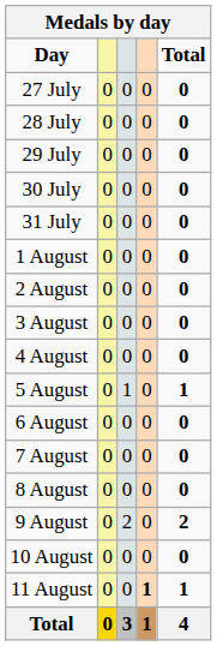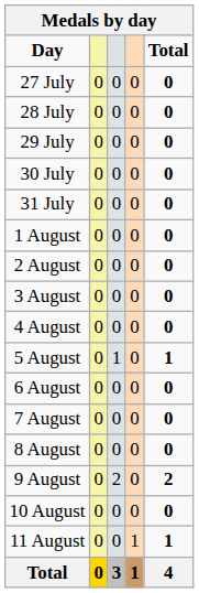 <table class="wikitable" style="font-size:85%">
 <tr style="background:#efefef;">
 <th colspan=7><strong>Medals by day</strong></th>
 </tr>
 <tr align=center>
 <td><strong>Day</strong></td>
 <td bgcolor=#f7f6a8></td>
 <td bgcolor=#dce5e5></td>
 <td bgcolor=#ffdab9></td>
 <td><strong>Total</strong></td>
 </tr>
 <tr align=center>
 <td>27 July</td>
 <td style="background:#F7F6A8;">0</td>
 <td style="background:#DCE5E5;">0</td>
 <td style="background:#FFDAB9;">0</td>
 <td><strong>0</strong></td>
 </tr>
 <tr align=center>
 <td>28 July</td>
 <td style="background:#F7F6A8;">0</td>
 <td style="background:#DCE5E5;">0</td>
 <td style="background:#FFDAB9;">0</td>
 <td><strong>0</strong></td>
 </tr>
 <tr align=center>
 <td>29 July</td>
 <td style="background:#F7F6A8;">0</td>
 <td style="background:#DCE5E5;">0</td>
 <td style="background:#FFDAB9;">0</td>
 <td><strong>0</strong></td>
 </tr>
 <tr align=center>
 <td>30 July</td>
 <td style="background:#F7F6A8;">0</td>
 <td style="background:#DCE5E5;">0</td>
 <td style="background:#FFDAB9;">0</td>
 <td><strong>0</strong></td>
 </tr>
 <tr align=center>
 <td>31 July</td>
 <td style="background:#F7F6A8;">0</td>
 <td style="background:#DCE5E5;">0</td>
 <td style="background:#FFDAB9;">0</td>
 <td><strong>0</strong></td>
 </tr>
 <tr align=center>
 <td>1 August</td>
 <td style="background:#F7F6A8;">0</td>
 <td style="background:#DCE5E5;">0</td>
 <td style="background:#FFDAB9;">0</td>
 <td><strong>0</strong></td>
 </tr>
 <tr align=center>
 <td>2 August</td>
 <td style="background:#F7F6A8;">0</td>
 <td style="background:#DCE5E5;">0</td>
 <td style="background:#FFDAB9;">0</td>
 <td><strong>0</strong></td>
 </tr>
 <tr align=center>
 <td>3 August</td>
 <td style="background:#F7F6A8;">0</td>
 <td style="background:#DCE5E5;">0</td>
 <td style="background:#FFDAB9;">0</td>
 <td><strong>0</strong></td>
 </tr>
 <tr align=center>
 <td>4 August</td>
 <td style="background:#F7F6A8;">0</td>
 <td style="background:#DCE5E5;">0</td>
 <td style="background:#FFDAB9;">0</td>
 <td><strong>0</strong></td>
 </tr>
 <tr align=center>
 <td>5 August</td>
 <td style="background:#F7F6A8;">0</td>
 <td style="background:#DCE5E5;">1</td>
 <td style="background:#FFDAB9;">0</td>
 <td><strong>1</strong></td>
 </tr>
 <tr align=center>
 <td>6 August</td>
 <td style="background:#F7F6A8;">0</td>
 <td style="background:#DCE5E5;">0</td>
 <td style="background:#FFDAB9;">0</td>
 <td><strong>0</strong></td>
 </tr>
 <tr align=center>
 <td>7 August</td>
 <td style="background:#F7F6A8;">0</td>
 <td style="background:#DCE5E5;">0</td>
 <td style="background:#FFDAB9;">0</td>
 <td><strong>0</strong></td>
 </tr>
 <tr align=center>
 <td>8 August</td>
 <td style="background:#F7F6A8;">0</td>
 <td style="background:#DCE5E5;">0</td>
 <td style="background:#FFDAB9;">0</td>
 <td><strong>0</strong></td>
 </tr>
 <tr align=center>
 <td>9 August</td>
 <td style="background:#F7F6A8;">0</td>
 <td style="background:#DCE5E5;">2</td>
 <td style="background:#FFDAB9;">0</td>
 <td><strong>2</strong></td>
 </tr>
 <tr align=center>
 <td>10 August</td>
 <td style="background:#F7F6A8;">0</td>
 <td style="background:#DCE5E5;">0</td>
 <td style="background:#FFDAB9;">0</td>
 <td><strong>0</strong></td>
 </tr>
 <tr align=center>
 <td>11 August</td>
 <td style="background:#F7F6A8;">0</td>
 <td style="background:#DCE5E5;">0</td>
-<td style="background:#FFDAB9;"><strong>1</strong></td>
+<td style="background:#FFDAB9;">1</td>
 <td><strong>1</strong></td>
 </tr>
 <tr align=center>
 <th><strong>Total</strong></th>
 <th style="background:gold;"><strong>0</strong></th>
 <th style="background:silver;"><strong>3</strong></th>
 <th style="background:#c96;"><strong>1</strong></th>
 <th><strong>4</strong></th>
 </tr>
 </table>
